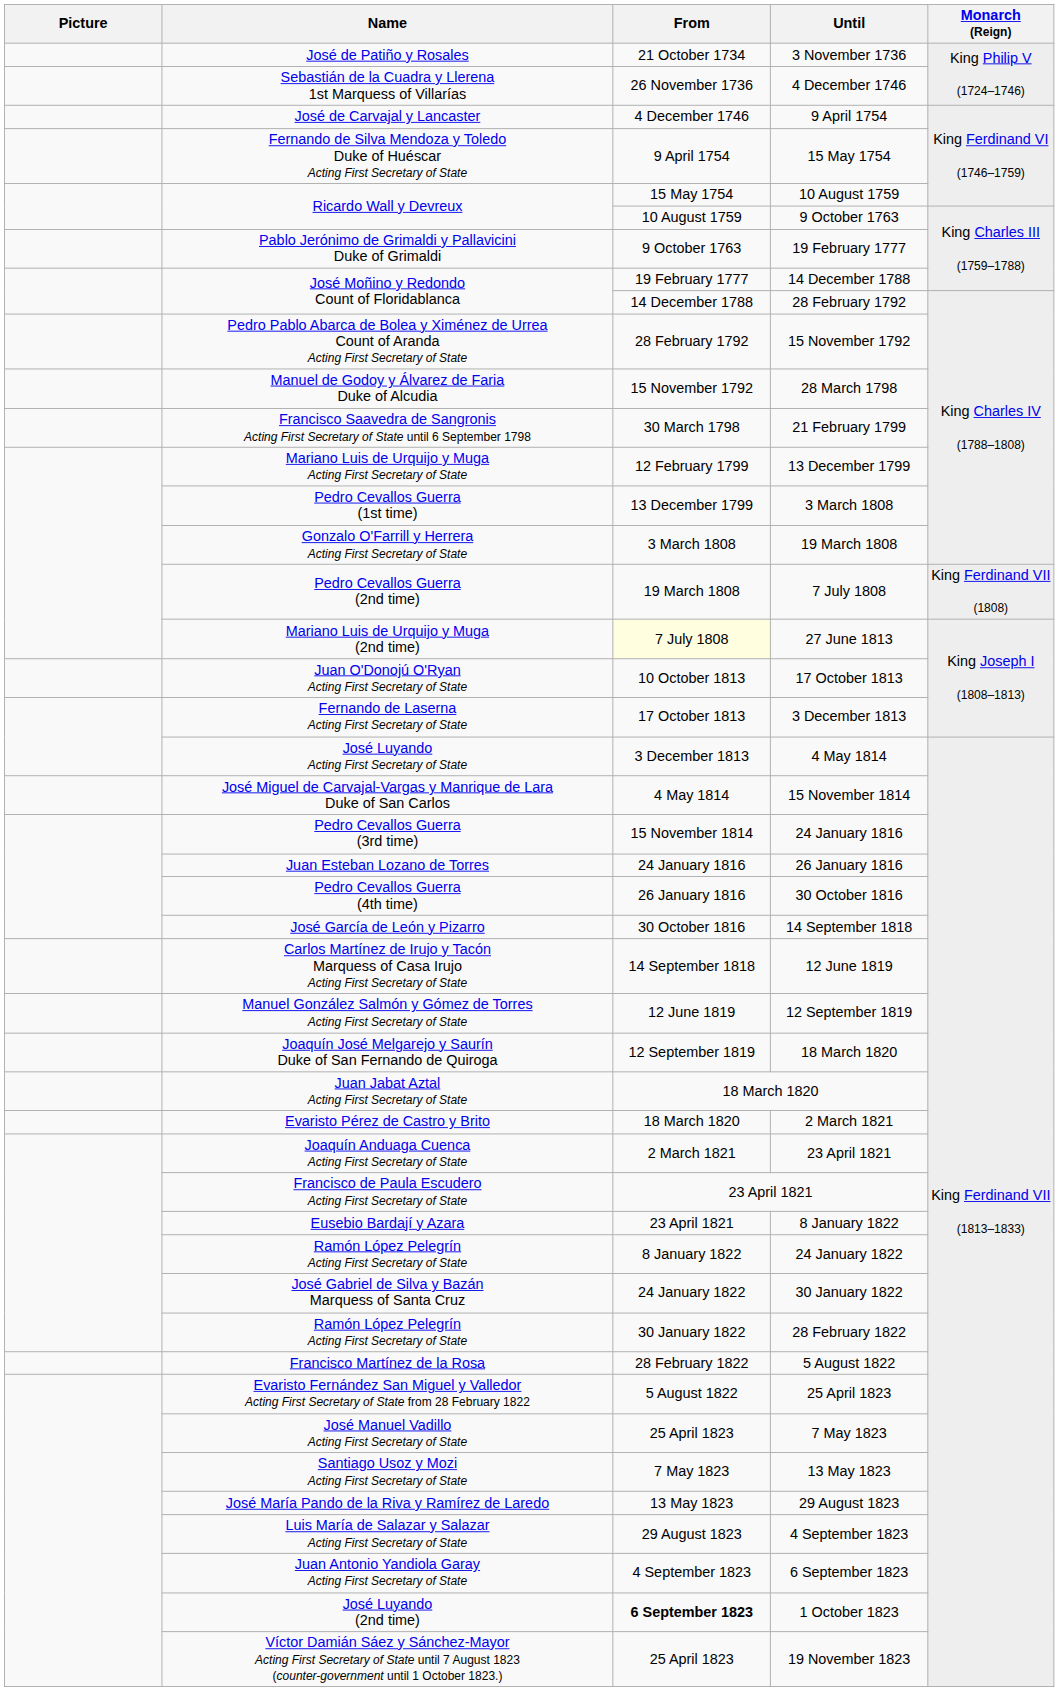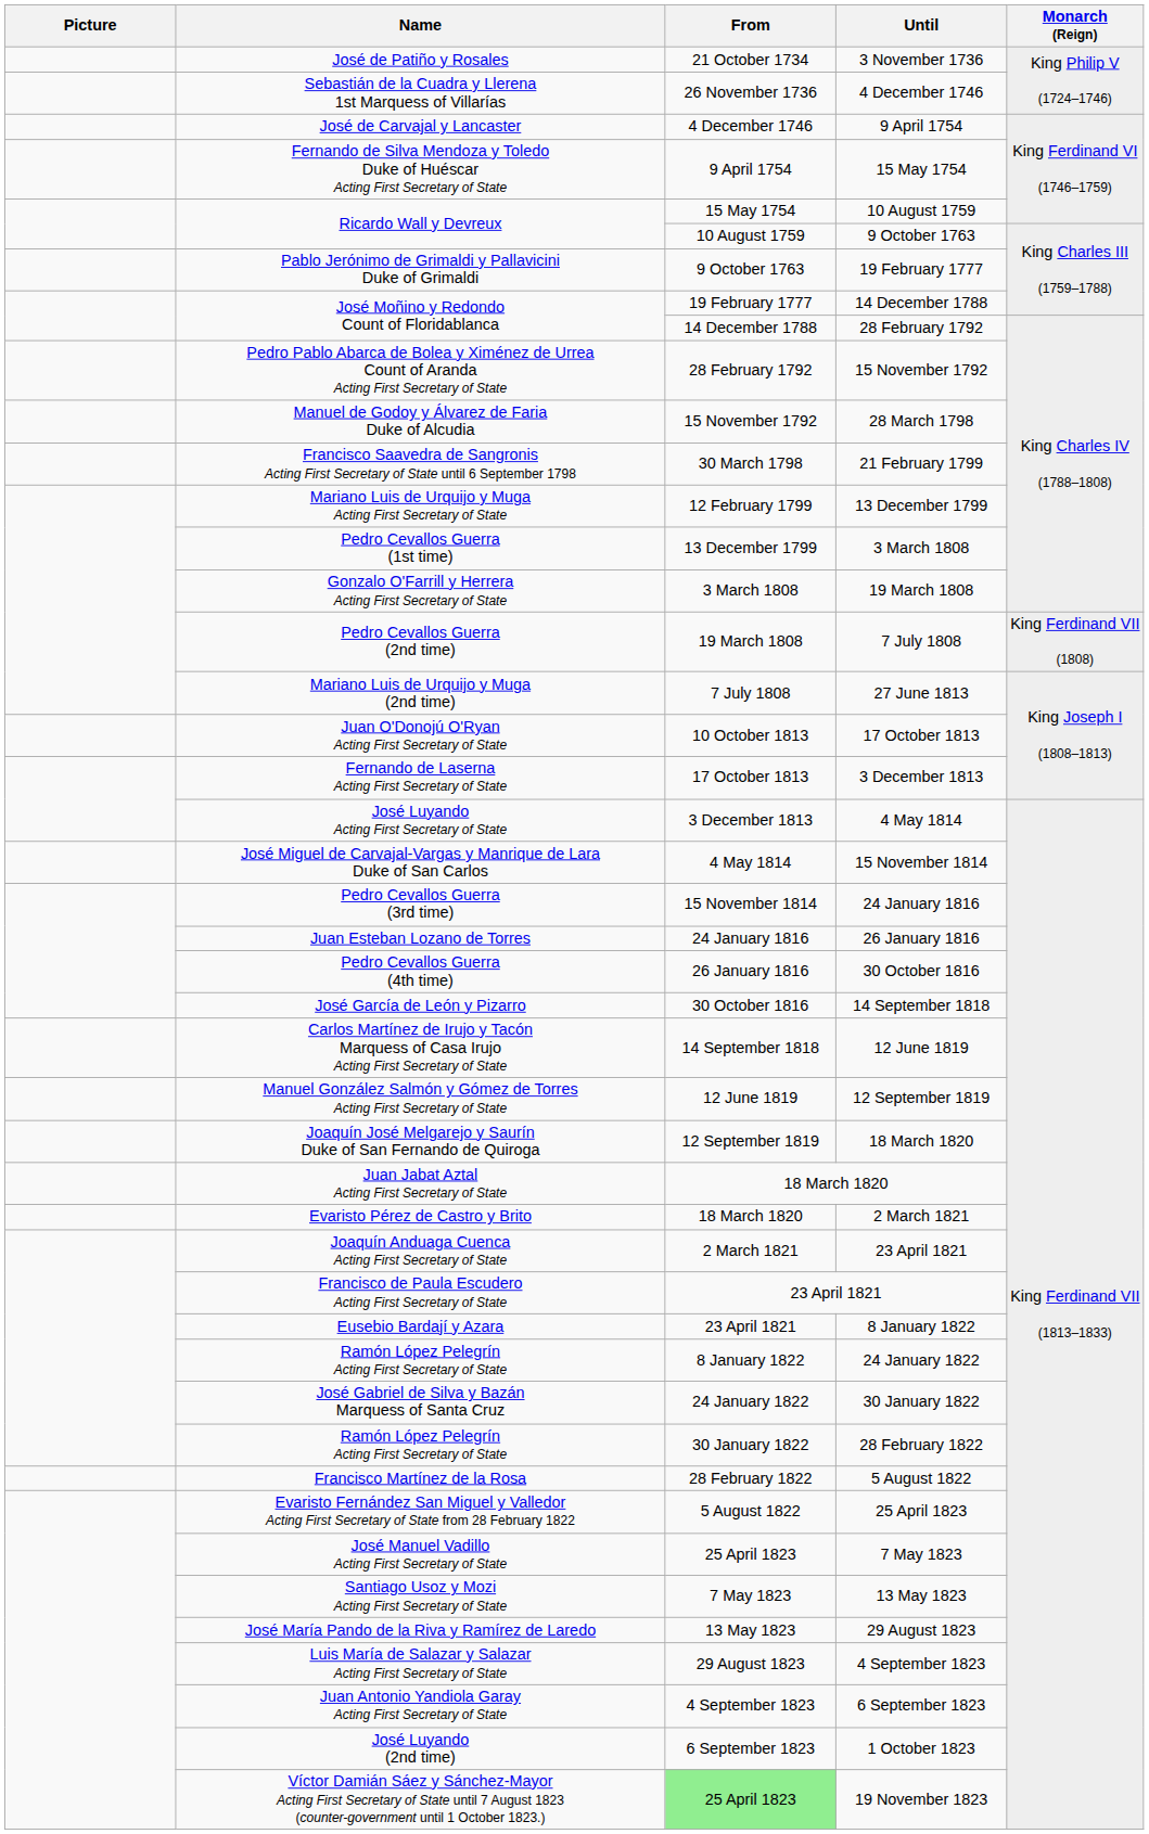 <table class="wikitable" style="text-align:center">
 <tr>
 <th style="width:80px;">Picture</th>
 <th style="width:43%;">Name</th>
 <th style="width:15%;">From</th>
 <th style="width:15%;">Until</th>
 <th style="width:12%;"><a href='#'>Monarch</a><br><small>(Reign)</small></th>
 </tr>
 <tr>
 <td></td>
 <td><a href='#'>José de Patiño y Rosales</a></td>
 <td>21 October 1734</td>
 <td>3 November 1736</td>
 <td style="background:#EEE" rowspan="2">King <a href='#'>Philip V</a><br><br><small>(1724–1746)</small></td>
 </tr>
 <tr>
 <td></td>
 <td><a href='#'>Sebastián de la Cuadra y Llerena</a><br>1st Marquess of Villarías</td>
 <td>26 November 1736</td>
 <td>4 December 1746</td>
 </tr>
 <tr>
 <td></td>
 <td><a href='#'>José de Carvajal y Lancaster</a></td>
 <td>4 December 1746</td>
 <td>9 April 1754</td>
 <td style="background:#EEE" rowspan="3">King <a href='#'>Ferdinand VI</a><br><br><small>(1746–1759)</small></td>
 </tr>
 <tr>
 <td></td>
 <td><a href='#'>Fernando de Silva Mendoza y Toledo</a><br>Duke of Huéscar<br><small><em>Acting First Secretary of State</em></small></td>
 <td>9 April 1754</td>
 <td>15 May 1754</td>
 </tr>
 <tr>
 <td rowspan="2"></td>
 <td rowspan="2"><a href='#'>Ricardo Wall y Devreux</a></td>
 <td>15 May 1754</td>
 <td>10 August 1759</td>
 </tr>
 <tr>
 <td>10 August 1759</td>
 <td>9 October 1763</td>
 <td style="background:#EEE" rowspan="3">King <a href='#'>Charles III</a><br><br><small>(1759–1788)</small></td>
 </tr>
 <tr>
 <td></td>
 <td><a href='#'>Pablo Jerónimo de Grimaldi y Pallavicini</a><br>Duke of Grimaldi</td>
 <td>9 October 1763</td>
 <td>19 February 1777</td>
 </tr>
 <tr>
 <td rowspan="2"></td>
 <td rowspan="2"><a href='#'>José Moñino y Redondo</a><br>Count of Floridablanca</td>
 <td>19 February 1777</td>
 <td>14 December 1788</td>
 </tr>
 <tr>
 <td>14 December 1788</td>
 <td>28 February 1792</td>
 <td style="background:#EEE" rowspan="7">King <a href='#'>Charles IV</a><br><br><small>(1788–1808)</small></td>
 </tr>
 <tr>
 <td></td>
 <td><a href='#'>Pedro Pablo Abarca de Bolea y Ximénez de Urrea</a><br>Count of Aranda<br><small><em>Acting First Secretary of State</em></small></td>
 <td>28 February 1792</td>
 <td>15 November 1792</td>
 </tr>
 <tr>
 <td></td>
 <td><a href='#'>Manuel de Godoy y Álvarez de Faria</a><br>Duke of Alcudia</td>
 <td>15 November 1792</td>
 <td>28 March 1798</td>
 </tr>
 <tr>
 <td></td>
 <td><a href='#'>Francisco Saavedra de Sangronis</a><br><small><em>Acting First Secretary of State</em> until 6 September 1798</small></td>
 <td>30 March 1798</td>
 <td>21 February 1799</td>
 </tr>
 <tr>
 <td rowspan="5"></td>
 <td><a href='#'>Mariano Luis de Urquijo y Muga</a><br><small><em>Acting First Secretary of State</em></small></td>
 <td>12 February 1799</td>
 <td>13 December 1799</td>
 </tr>
 <tr>
 <td><a href='#'>Pedro Cevallos Guerra</a><br>(1st time)</td>
 <td>13 December 1799</td>
 <td>3 March 1808</td>
 </tr>
 <tr>
 <td><a href='#'>Gonzalo O'Farrill y Herrera</a><br><small><em>Acting First Secretary of State</em></small></td>
 <td>3 March 1808</td>
 <td>19 March 1808</td>
 </tr>
 <tr>
 <td><a href='#'>Pedro Cevallos Guerra</a><br>(2nd time)</td>
 <td>19 March 1808</td>
 <td>7 July 1808</td>
 <td style="background:#EEE">King <a href='#'>Ferdinand VII</a><br><br><small>(1808)</small></td>
 </tr>
 <tr>
 <td><a href='#'>Mariano Luis de Urquijo y Muga</a><br>(2nd time)</td>
-<td style="background: lightyellow;">7 July 1808</td>
+<td>7 July 1808</td>
 <td>27 June 1813</td>
 <td style="background:#EEE" rowspan="3">King <a href='#'>Joseph I</a><br><br><small>(1808–1813)</small></td>
 </tr>
 <tr>
 <td></td>
 <td><a href='#'>Juan O'Donojú O'Ryan</a><br><small><em>Acting First Secretary of State</em></small></td>
 <td>10 October 1813</td>
 <td>17 October 1813</td>
 </tr>
 <tr>
 <td rowspan="2"></td>
 <td><a href='#'>Fernando de Laserna</a><br><small><em>Acting First Secretary of State</em></small></td>
 <td>17 October 1813</td>
 <td>3 December 1813</td>
 </tr>
 <tr>
 <td><a href='#'>José Luyando</a><br><small><em>Acting First Secretary of State</em></small></td>
 <td>3 December 1813</td>
 <td>4 May 1814</td>
 <td style="background:#EEE" rowspan="26">King <a href='#'>Ferdinand VII</a><br><br><small>(1813–1833)</small></td>
 </tr>
 <tr>
 <td></td>
 <td><a href='#'>José Miguel de Carvajal-Vargas y Manrique de Lara</a><br>Duke of San Carlos</td>
 <td>4 May 1814</td>
 <td>15 November 1814</td>
 </tr>
 <tr>
 <td rowspan="4"></td>
 <td><a href='#'>Pedro Cevallos Guerra</a><br>(3rd time)</td>
 <td>15 November 1814</td>
 <td>24 January 1816</td>
 </tr>
 <tr>
 <td><a href='#'>Juan Esteban Lozano de Torres</a></td>
 <td>24 January 1816</td>
 <td>26 January 1816</td>
 </tr>
 <tr>
 <td><a href='#'>Pedro Cevallos Guerra</a><br>(4th time)</td>
 <td>26 January 1816</td>
 <td>30 October 1816</td>
 </tr>
 <tr>
 <td><a href='#'>José García de León y Pizarro</a></td>
 <td>30 October 1816</td>
 <td>14 September 1818</td>
 </tr>
 <tr>
 <td></td>
 <td><a href='#'>Carlos Martínez de Irujo y Tacón</a><br>Marquess of Casa Irujo<br><small><em>Acting First Secretary of State</em></small></td>
 <td>14 September 1818</td>
 <td>12 June 1819</td>
 </tr>
 <tr>
 <td></td>
 <td><a href='#'>Manuel González Salmón y Gómez de Torres</a><br><small><em>Acting First Secretary of State</em></small></td>
 <td>12 June 1819</td>
 <td>12 September 1819</td>
 </tr>
 <tr>
 <td></td>
 <td><a href='#'>Joaquín José Melgarejo y Saurín</a><br>Duke of San Fernando de Quiroga</td>
 <td>12 September 1819</td>
 <td>18 March 1820</td>
 </tr>
 <tr>
 <td></td>
 <td><a href='#'>Juan Jabat Aztal</a><br><small><em>Acting First Secretary of State</em></small></td>
 <td colspan="2">18 March 1820</td>
 </tr>
 <tr>
 <td></td>
 <td><a href='#'>Evaristo Pérez de Castro y Brito</a></td>
 <td>18 March 1820</td>
 <td>2 March 1821</td>
 </tr>
 <tr>
 <td rowspan="6"></td>
 <td><a href='#'>Joaquín Anduaga Cuenca</a><br><small><em>Acting First Secretary of State</em></small></td>
 <td>2 March 1821</td>
 <td>23 April 1821</td>
 </tr>
 <tr>
 <td><a href='#'>Francisco de Paula Escudero</a><br><small><em>Acting First Secretary of State</em></small></td>
 <td colspan="2">23 April 1821</td>
 </tr>
 <tr>
 <td><a href='#'>Eusebio Bardají y Azara</a></td>
 <td>23 April 1821</td>
 <td>8 January 1822</td>
 </tr>
 <tr>
 <td><a href='#'>Ramón López Pelegrín</a><br><small><em>Acting First Secretary of State</em></small></td>
 <td>8 January 1822</td>
 <td>24 January 1822</td>
 </tr>
 <tr>
 <td><a href='#'>José Gabriel de Silva y Bazán</a><br>Marquess of Santa Cruz</td>
 <td>24 January 1822</td>
 <td>30 January 1822</td>
 </tr>
 <tr>
 <td><a href='#'>Ramón López Pelegrín</a><br><small><em>Acting First Secretary of State</em></small></td>
 <td>30 January 1822</td>
 <td>28 February 1822</td>
 </tr>
 <tr>
 <td></td>
 <td><a href='#'>Francisco Martínez de la Rosa</a></td>
 <td>28 February 1822</td>
 <td>5 August 1822</td>
 </tr>
 <tr>
 <td rowspan="8"></td>
 <td><a href='#'>Evaristo Fernández San Miguel y Valledor</a><br><small><em>Acting First Secretary of State</em> from 28 February 1822</small></td>
 <td>5 August 1822</td>
 <td>25 April 1823</td>
 </tr>
 <tr>
 <td><a href='#'>José Manuel Vadillo</a><br><small><em>Acting First Secretary of State</em></small></td>
 <td>25 April 1823</td>
 <td>7 May 1823</td>
 </tr>
 <tr>
 <td><a href='#'>Santiago Usoz y Mozi</a><br><small><em>Acting First Secretary of State</em></small></td>
 <td>7 May 1823</td>
 <td>13 May 1823</td>
 </tr>
 <tr>
 <td><a href='#'>José María Pando de la Riva y Ramírez de Laredo</a></td>
 <td>13 May 1823</td>
 <td>29 August 1823</td>
 </tr>
 <tr>
 <td><a href='#'>Luis María de Salazar y Salazar</a><br><small><em>Acting First Secretary of State</em></small></td>
 <td>29 August 1823</td>
 <td>4 September 1823</td>
 </tr>
 <tr>
 <td><a href='#'>Juan Antonio Yandiola Garay</a><br><small><em>Acting First Secretary of State</em></small></td>
 <td>4 September 1823</td>
 <td>6 September 1823</td>
 </tr>
 <tr>
 <td><a href='#'>José Luyando</a><br>(2nd time)</td>
-<td><strong>6 September 1823</strong></td>
+<td>6 September 1823</td>
 <td>1 October 1823</td>
 </tr>
 <tr>
 <td><a href='#'>Víctor Damián Sáez y Sánchez-Mayor</a><br><small><em>Acting First Secretary of State</em> until 7 August 1823<br>(<em>counter-government</em> until 1 October 1823.)</small></td>
-<td>25 April 1823</td>
+<td style="background: lightgreen;">25 April 1823</td>
 <td>19 November 1823</td>
 </tr>
 </table>
